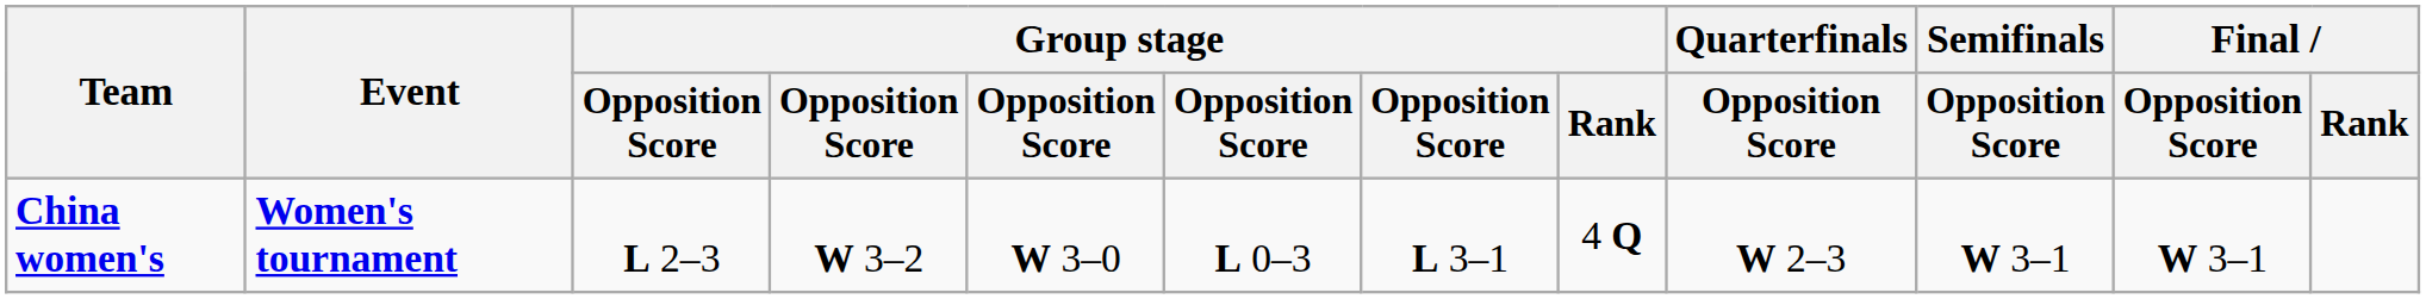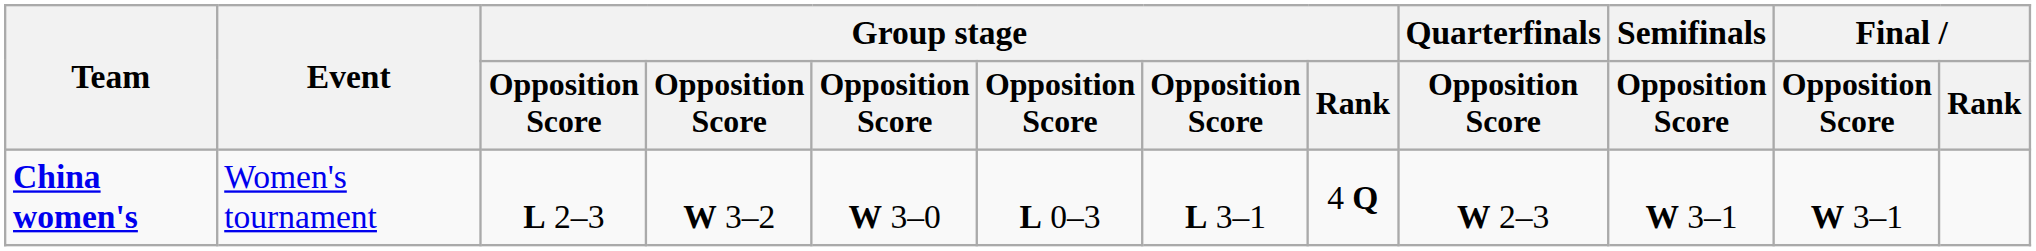 <table class=wikitable style=font-size:90%;text-align:center>
 <tr>
 <th rowspan=2>Team</th>
 <th rowspan=2>Event</th>
 <th colspan=6>Group stage</th>
 <th>Quarterfinals</th>
 <th>Semifinals</th>
 <th colspan=2>Final / </th>
 </tr>
 <tr style=font-size:95%>
 <th>Opposition<br>Score</th>
 <th>Opposition<br>Score</th>
 <th>Opposition<br>Score</th>
 <th>Opposition<br>Score</th>
 <th>Opposition<br>Score</th>
 <th>Rank</th>
 <th>Opposition<br>Score</th>
 <th>Opposition<br>Score</th>
 <th>Opposition<br>Score</th>
 <th>Rank</th>
 </tr>
 <tr>
 <td align=left><strong><a href='#'>China  women's</a></strong></td>
-<td align=left><strong><a href='#'>Women's tournament</a></strong></td>
+<td align=left><a href='#'>Women's tournament</a></td>
 <td><br><strong>L</strong> 2–3</td>
 <td><br><strong>W</strong> 3–2</td>
 <td><br><strong>W</strong> 3–0</td>
 <td><br><strong>L</strong> 0–3</td>
 <td><br><strong>L</strong> 3–1</td>
 <td>4 <strong>Q</strong></td>
 <td><br><strong>W</strong> 2–3</td>
 <td><br><strong>W</strong> 3–1</td>
 <td><br><strong>W</strong> 3–1</td>
 <td></td>
 </tr>
 </table>
